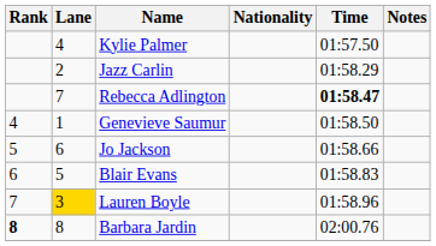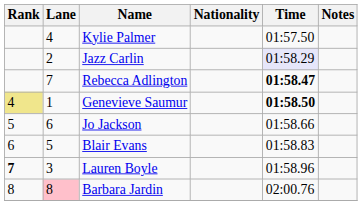 <table class="wikitable">
 <tr>
 <th>Rank</th>
 <th>Lane</th>
 <th>Name</th>
 <th>Nationality</th>
 <th>Time</th>
 <th>Notes</th>
 </tr>
 <tr>
 <td></td>
 <td>4</td>
 <td><a href='#'>Kylie Palmer</a></td>
 <td></td>
 <td>01:57.50</td>
 <td></td>
 </tr>
 <tr>
 <td></td>
 <td>2</td>
 <td><a href='#'>Jazz Carlin</a></td>
 <td></td>
-<td>01:58.29</td>
+<td style="background: lavender;">01:58.29</td>
 <td></td>
 </tr>
 <tr>
 <td></td>
 <td>7</td>
 <td><a href='#'>Rebecca Adlington</a></td>
 <td></td>
 <td><strong>01:58.47</strong></td>
 <td></td>
 </tr>
 <tr>
-<td>4</td>
+<td style="background: khaki;">4</td>
 <td>1</td>
 <td><a href='#'>Genevieve Saumur</a></td>
 <td></td>
-<td>01:58.50</td>
+<td><strong>01:58.50</strong></td>
 <td></td>
 </tr>
 <tr>
 <td>5</td>
 <td>6</td>
 <td><a href='#'>Jo Jackson</a></td>
 <td></td>
 <td>01:58.66</td>
 <td></td>
 </tr>
 <tr>
 <td>6</td>
 <td>5</td>
 <td><a href='#'>Blair Evans</a></td>
 <td></td>
 <td>01:58.83</td>
 <td></td>
 </tr>
 <tr>
-<td>7</td>
-<td style="background: gold;">3</td>
+<td><strong>7</strong></td>
+<td>3</td>
 <td><a href='#'>Lauren Boyle</a></td>
 <td></td>
 <td>01:58.96</td>
 <td></td>
 </tr>
 <tr>
-<td><strong>8</strong></td>
 <td>8</td>
+<td style="background: pink;">8</td>
 <td><a href='#'>Barbara Jardin</a></td>
 <td></td>
 <td>02:00.76</td>
 <td></td>
 </tr>
 <tr>
 </tr>
 </table>
